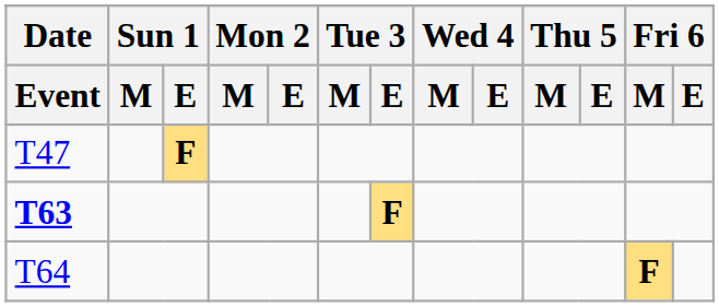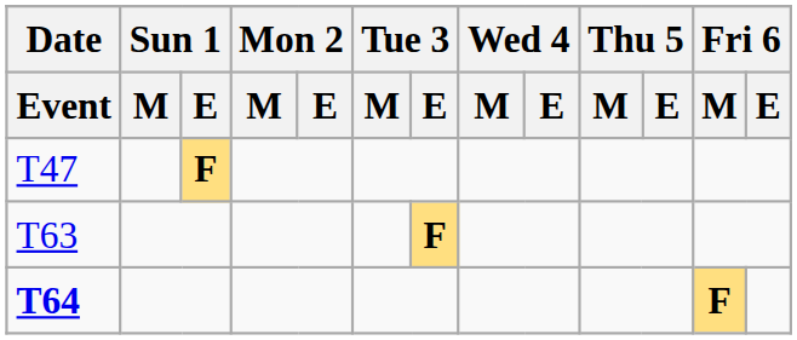 <table class="wikitable" style="margin:0.5em auto; font-size:90%; line-height:1.25em;">
 <tr align="center">
 </tr>
 <tr>
 <th>Date</th>
 <th colspan="2">Sun 1</th>
 <th colspan="2">Mon 2</th>
 <th colspan="2">Tue 3</th>
 <th colspan="2">Wed 4</th>
 <th colspan="2">Thu 5</th>
 <th colspan="2">Fri 6</th>
 </tr>
 <tr>
 <th>Event</th>
 <th>M</th>
 <th>E</th>
 <th>M</th>
 <th>E</th>
 <th>M</th>
 <th>E</th>
 <th>M</th>
 <th>E</th>
 <th>M</th>
 <th>E</th>
 <th>M</th>
 <th>E</th>
 </tr>
 <tr align="center">
 <td align="left"><a href='#'>T47</a></td>
 <td></td>
 <td bgcolor="#FFDF80"><strong>F</strong></td>
 <td colspan="2"></td>
 <td colspan="2"></td>
 <td colspan="2"></td>
 <td colspan="2"></td>
 <td colspan="2"></td>
 </tr>
 <tr align="center">
-<td align="left"><strong><a href='#'>T63</a></strong></td>
+<td align="left"><a href='#'>T63</a></td>
 <td colspan="2"></td>
 <td colspan="2"></td>
 <td></td>
 <td bgcolor="#FFDF80"><strong>F</strong></td>
 <td colspan="2"></td>
 <td colspan="2"></td>
 <td colspan="2"></td>
 </tr>
 <tr align="center">
-<td align="left"><a href='#'>T64</a></td>
+<td align="left"><strong><a href='#'>T64</a></strong></td>
 <td colspan="2"></td>
 <td colspan="2"></td>
 <td colspan="2"></td>
 <td colspan="2"></td>
 <td colspan="2"></td>
 <td bgcolor="#FFDF80"><strong>F</strong></td>
 <td></td>
 </tr>
 </table>
